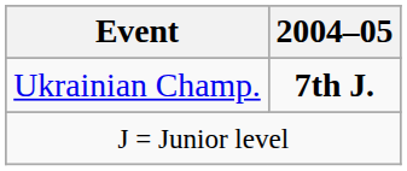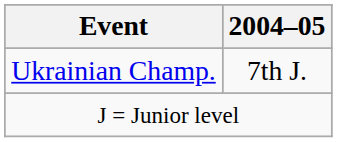 <table class="wikitable" style="text-align:center">
 <tr>
 <th>Event</th>
 <th>2004–05</th>
 </tr>
 <tr>
 <td align=left><a href='#'>Ukrainian Champ.</a></td>
-<td><strong>7th J.</strong></td>
+<td>7th J.</td>
 </tr>
 <tr>
 <td colspan=2 align=center><small> J = Junior level </small></td>
 </tr>
 </table>
